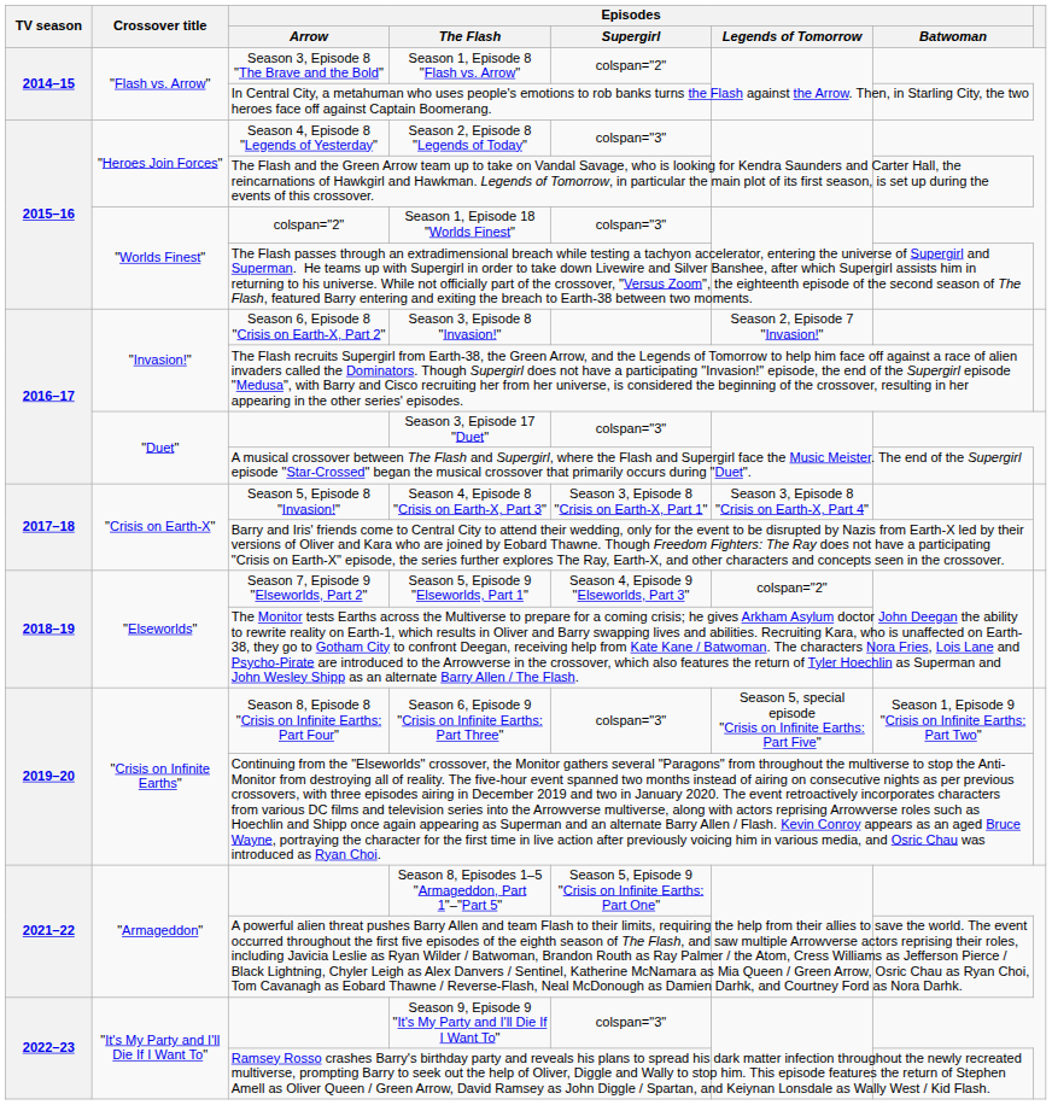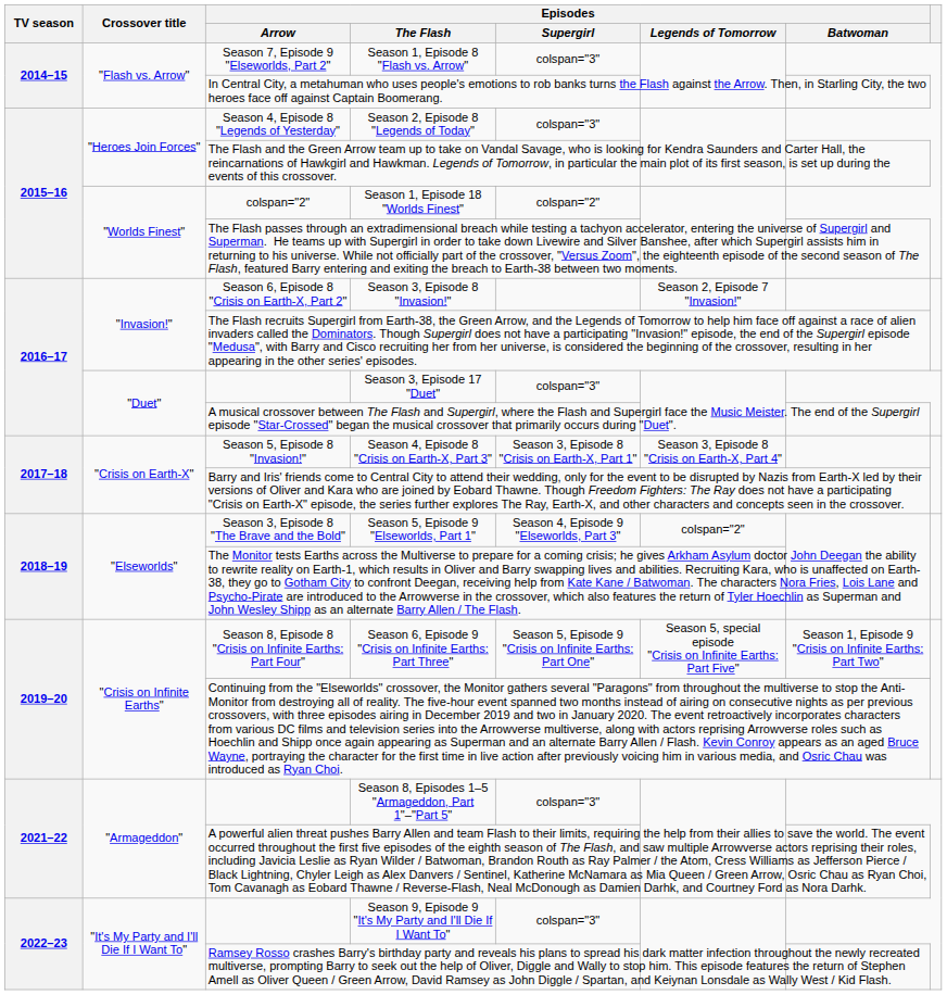 <table class="wikitable" style="width: 99%; text-align: center;">
 <tr>
 <th scope="col" rowspan="2" style="width: 7%;">TV season</th>
 <th scope="col" rowspan="2" style="width: 11%;">Crossover title</th>
 <th scope="col" colspan="5">Episodes</th>
 <th scope="col" rowspan="2" style="width: 1%;"></th>
 </tr>
 <tr>
 <th scope="col" style="width: 13%;"><em>Arrow</em></th>
 <th scope="col" style="width: 13%;"><em>The Flash</em></th>
 <th scope="col" style="width: 13%;"><em>Supergirl</em></th>
 <th scope="col" style="width: 13%;"><em>Legends of Tomorrow</em></th>
 <th scope="col" style="width: 13%;"><em>Batwoman</em></th>
 </tr>
 <tr>
 <th scope="row" rowspan="2"><a href='#'>2014–15</a></th>
 <td rowspan="2">"<a href='#'>Flash vs. Arrow</a>"</td>
-<td>Season 3, Episode 8<br>"<a href='#'>The Brave and the Bold</a>" </td>
+<td>Season 7, Episode 9<br>"<a href='#'>Elseworlds, Part 2</a>"</td>
 <td>Season 1, Episode 8<br>"<a href='#'>Flash vs. Arrow</a>" </td>
-<td>colspan="2" </td>
+<td>colspan="3" </td>
 <td rowspan="2"></td>
 </tr>
 <tr>
 <td colspan="5" style="text-align: left;">In Central City, a metahuman who uses people's emotions to rob banks turns <a href='#'>the Flash</a> against <a href='#'>the Arrow</a>. Then, in Starling City, the two heroes face off against Captain Boomerang.</td>
 </tr>
 <tr>
 <th scope="row" rowspan="4"><a href='#'>2015–16</a></th>
 <td rowspan="2">"<a href='#'>Heroes Join Forces</a>"</td>
 <td>Season 4, Episode 8<br>"<a href='#'>Legends of Yesterday</a>" </td>
 <td>Season 2, Episode 8<br>"<a href='#'>Legends of Today</a>" </td>
 <td>colspan="3" </td>
 <td rowspan="2"></td>
 </tr>
 <tr>
 <td colspan="5" style="text-align: left;">The Flash and the Green Arrow team up to take on Vandal Savage, who is looking for Kendra Saunders and Carter Hall, the reincarnations of Hawkgirl and Hawkman. <em>Legends of Tomorrow</em>, in particular the main plot of its first season, is set up during the events of this crossover.</td>
 </tr>
 <tr>
 <td rowspan="2">"<a href='#'>Worlds Finest</a>"</td>
 <td>colspan="2" </td>
 <td>Season 1, Episode 18<br>"<a href='#'>Worlds Finest</a>"</td>
-<td>colspan="3" </td>
+<td>colspan="2" </td>
 <td rowspan="2"><br></td>
 </tr>
 <tr>
 <td colspan="5" style="text-align: left;">The Flash passes through an extradimensional breach while testing a tachyon accelerator, entering the universe of <a href='#'>Supergirl</a> and <a href='#'>Superman</a>.  He teams up with Supergirl in order to take down Livewire and Silver Banshee, after which Supergirl assists him in returning to his universe. While not officially part of the crossover, "<a href='#'>Versus Zoom</a>", the eighteenth episode of the second season of <em>The Flash</em>, featured Barry entering and exiting the breach to Earth-38 between two moments.</td>
 </tr>
 <tr>
 <th scope="row" rowspan="4"><a href='#'>2016–17</a></th>
 <td rowspan="2">"<a href='#'>Invasion!</a>"</td>
 <td>Season 6, Episode 8<br>"<a href='#'>Crisis on Earth-X, Part 2</a>"</td>
 <td>Season 3, Episode 8<br>"<a href='#'>Invasion!</a>" </td>
 <td></td>
 <td>Season 2, Episode 7<br>"<a href='#'>Invasion!</a>" </td>
 <td></td>
 <td rowspan="2"></td>
 </tr>
 <tr>
 <td colspan="5" style="text-align: left;">The Flash recruits Supergirl from Earth-38, the Green Arrow, and the Legends of Tomorrow to help him face off against a race of alien invaders called the <a href='#'>Dominators</a>. Though <em>Supergirl</em> does not have a participating "Invasion!" episode, the end of the <em>Supergirl</em> episode "<a href='#'>Medusa</a>", with Barry and Cisco recruiting her from her universe, is considered the beginning of the crossover, resulting in her appearing in the other series' episodes.</td>
 </tr>
 <tr>
 <td rowspan="2">"<a href='#'>Duet</a>"</td>
 <td></td>
 <td>Season 3, Episode 17<br>"<a href='#'>Duet</a>"</td>
 <td>colspan="3" </td>
 <td rowspan="2"></td>
 </tr>
 <tr>
 <td colspan="5" style="text-align: left;">A musical crossover between <em>The Flash</em> and <em>Supergirl</em>, where the Flash and Supergirl face the <a href='#'>Music Meister</a>. The end of the <em>Supergirl</em> episode "<a href='#'>Star-Crossed</a>" began the musical crossover that primarily occurs during "<a href='#'>Duet</a>".</td>
 </tr>
 <tr>
 <th scope="row" rowspan="2"><a href='#'>2017–18</a></th>
 <td rowspan="2">"<a href='#'>Crisis on Earth-X</a>"</td>
 <td>Season 5, Episode 8<br>"<a href='#'>Invasion!</a>" </td>
 <td>Season 4, Episode 8<br>"<a href='#'>Crisis on Earth-X, Part 3</a>"</td>
 <td>Season 3, Episode 8<br>"<a href='#'>Crisis on Earth-X, Part 1</a>"</td>
 <td>Season 3, Episode 8<br>"<a href='#'>Crisis on Earth-X, Part 4</a>"</td>
 <td></td>
 <td rowspan="2"></td>
 </tr>
 <tr>
 <td colspan="5" style="text-align: left;">Barry and Iris' friends come to Central City to attend their wedding, only for the event to be disrupted by Nazis from Earth-X led by their versions of Oliver  and Kara who are joined by Eobard Thawne. Though <em>Freedom Fighters: The Ray</em> does not have a participating "Crisis on Earth-X" episode, the series further explores The Ray, Earth-X, and other characters and concepts seen in the crossover.</td>
 </tr>
 <tr>
 <th scope="row" rowspan="2"><a href='#'>2018–19</a></th>
 <td rowspan="2">"<a href='#'>Elseworlds</a>"</td>
-<td>Season 7, Episode 9<br>"<a href='#'>Elseworlds, Part 2</a>"</td>
+<td>Season 3, Episode 8<br>"<a href='#'>The Brave and the Bold</a>" </td>
 <td>Season 5, Episode 9<br>"<a href='#'>Elseworlds, Part 1</a>"</td>
 <td>Season 4, Episode 9<br>"<a href='#'>Elseworlds, Part 3</a>"</td>
 <td>colspan="2" </td>
 <td rowspan="2"></td>
 </tr>
 <tr>
 <td colspan="5" style="text-align: left;">The <a href='#'>Monitor</a> tests Earths across the Multiverse to prepare for a coming crisis; he gives <a href='#'>Arkham Asylum</a> doctor <a href='#'>John Deegan</a> the ability to rewrite reality on Earth-1, which results in Oliver and Barry swapping lives and abilities. Recruiting Kara, who is unaffected on Earth-38, they go to <a href='#'>Gotham City</a> to confront Deegan, receiving help from <a href='#'>Kate Kane / Batwoman</a>. The characters <a href='#'>Nora Fries</a>, <a href='#'>Lois Lane</a> and <a href='#'>Psycho-Pirate</a> are introduced to the Arrowverse in the crossover, which also features the return of <a href='#'>Tyler Hoechlin</a> as Superman and <a href='#'>John Wesley Shipp</a> as an alternate <a href='#'>Barry Allen / The Flash</a>.</td>
 </tr>
 <tr>
 <th scope="row" rowspan="2"><a href='#'>2019–20</a></th>
 <td rowspan="2">"<a href='#'>Crisis on Infinite Earths</a>"</td>
 <td>Season 8, Episode 8<br>"<a href='#'>Crisis on Infinite Earths: Part Four</a>"</td>
 <td>Season 6, Episode 9<br>"<a href='#'>Crisis on Infinite Earths: Part Three</a>"</td>
-<td>colspan="3" </td>
+<td>Season 5, Episode 9<br>"<a href='#'>Crisis on Infinite Earths: Part One</a>"</td>
 <td>Season 5, special episode<br>"<a href='#'>Crisis on Infinite Earths: Part Five</a>"</td>
 <td>Season 1, Episode 9<br>"<a href='#'>Crisis on Infinite Earths: Part Two</a>"</td>
 <td rowspan="2"></td>
 </tr>
 <tr>
 <td colspan="5" style="text-align: left;">Continuing from the "Elseworlds" crossover, the Monitor gathers several "Paragons" from throughout the multiverse to stop the Anti-Monitor from destroying all of reality. The five-hour event spanned two months instead of airing on consecutive nights as per previous crossovers, with three episodes airing in December 2019 and two in January 2020. The event retroactively incorporates characters from various DC films and television series into the Arrowverse multiverse, along with actors reprising Arrowverse roles such as Hoechlin and Shipp once again appearing as Superman and an alternate Barry Allen / Flash. <a href='#'>Kevin Conroy</a> appears as an aged <a href='#'>Bruce Wayne</a>, portraying the character for the first time in live action after previously voicing him in various media, and <a href='#'>Osric Chau</a> was introduced as <a href='#'>Ryan Choi</a>.</td>
 </tr>
 <tr>
 <th scope="row" rowspan="2"><a href='#'>2021–22</a></th>
 <td rowspan="2">"<a href='#'>Armageddon</a>"</td>
 <td></td>
 <td>Season 8, Episodes 1–5<br>"<a href='#'>Armageddon, Part 1</a>"–"<a href='#'>Part 5</a>"</td>
-<td>Season 5, Episode 9<br>"<a href='#'>Crisis on Infinite Earths: Part One</a>"</td>
+<td>colspan="3" </td>
 <td rowspan="2"></td>
 </tr>
 <tr>
 <td colspan="5" style="text-align: left;">A powerful alien threat pushes Barry Allen and team Flash to their limits, requiring the help from their allies to save the world. The event occurred throughout the first five episodes of the eighth season of <em>The Flash</em>, and saw multiple Arrowverse actors reprising their roles, including Javicia Leslie as Ryan Wilder / Batwoman, Brandon Routh as Ray Palmer / the Atom, Cress Williams as Jefferson Pierce / Black Lightning, Chyler Leigh as Alex Danvers / Sentinel, Katherine McNamara as Mia Queen / Green Arrow, Osric Chau as Ryan Choi, Tom Cavanagh as Eobard Thawne / Reverse-Flash, Neal McDonough as Damien Darhk, and Courtney Ford as Nora Darhk.</td>
 </tr>
 <tr>
 <th scope="row" rowspan="2"><a href='#'>2022–23</a></th>
 <td rowspan="2">"<a href='#'>It's My Party and I'll Die If I Want To</a>"</td>
 <td></td>
 <td>Season 9, Episode 9<br>"<a href='#'>It's My Party and I'll Die If I Want To</a>"</td>
 <td>colspan="3" </td>
 <td rowspan="2"></td>
 </tr>
 <tr>
 <td colspan="5" style="text-align: left;"><a href='#'>Ramsey Rosso</a> crashes Barry's birthday party and reveals his plans to spread his dark matter infection throughout the newly recreated multiverse, prompting Barry to seek out the help of Oliver, Diggle and Wally to stop him. This episode features the return of Stephen Amell as Oliver Queen / Green Arrow, David Ramsey as John Diggle / Spartan, and Keiynan Lonsdale as Wally West / Kid Flash.</td>
 </tr>
 </table>
